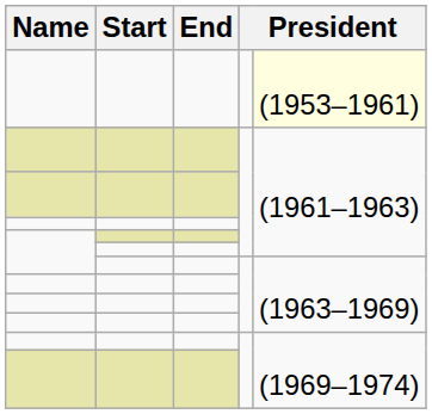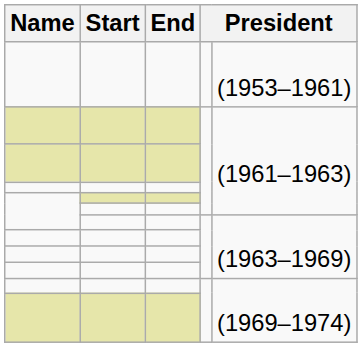 <table class="wikitable sortable">
 <tr>
 <th>Name</th>
 <th>Start</th>
 <th>End</th>
 <th colspan=2>President</th>
 </tr>
 <tr>
 <td></td>
 <td></td>
 <td></td>
 <td style="background: "></td>
-<td style="background: lightyellow;"><br>(1953–1961)</td>
+<td><br>(1953–1961)</td>
 </tr>
 <tr>
 <td style="background-color:#E6E6AA;"><br></td>
 <td style="background-color:#E6E6AA;"></td>
 <td style="background-color:#E6E6AA;"></td>
 <td rowspan=5 style="background: "></td>
 <td rowspan=5><br>(1961–1963)</td>
 </tr>
 <tr bgcolor="#e6e6aa">
 <td><br></td>
 <td></td>
 <td></td>
 </tr>
 <tr>
 <td></td>
 <td></td>
 <td></td>
 </tr>
 <tr>
 <td rowspan=3></td>
 <td style="background-color:#E6E6AA;"></td>
 <td style="background-color:#E6E6AA;"></td>
 </tr>
 <tr>
 <td></td>
 <td></td>
 </tr>
 <tr>
 <td></td>
 <td></td>
 <td rowspan=4 style="background: "></td>
 <td rowspan=4><br>(1963–1969)</td>
 </tr>
 <tr>
 <td></td>
 <td></td>
 <td></td>
 </tr>
 <tr>
 <td></td>
 <td></td>
 <td></td>
 </tr>
 <tr>
 <td></td>
 <td></td>
 <td></td>
 </tr>
 <tr>
 <td></td>
 <td></td>
 <td></td>
 <td rowspan=2 style="background: "></td>
 <td rowspan=2><br>(1969–1974)</td>
 </tr>
 <tr bgcolor="#e6e6aa">
 <td><br></td>
 <td></td>
 <td></td>
 </tr>
 </table>
